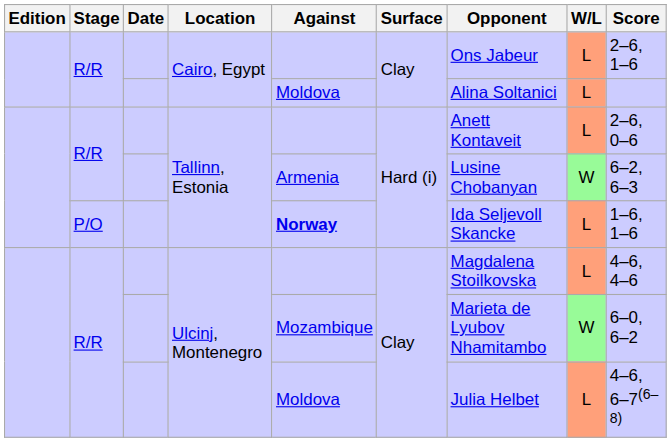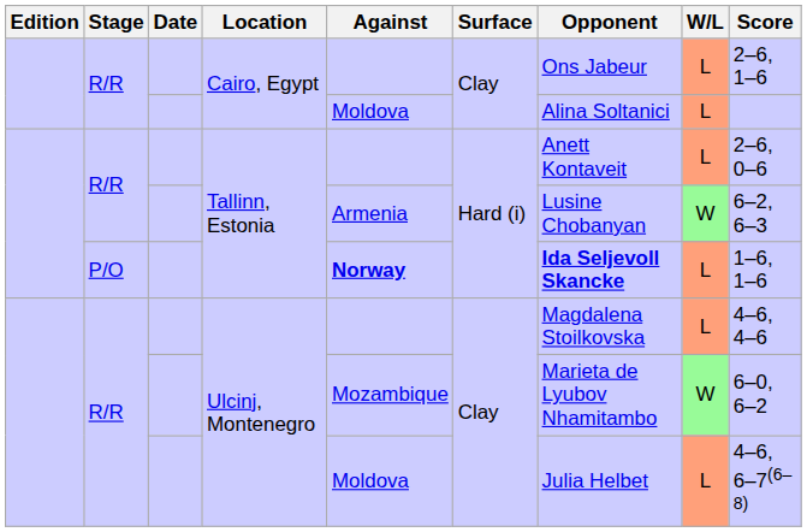 <table class=wikitable style=font-size:97%>
 <tr>
 <th>Edition</th>
 <th>Stage</th>
 <th>Date</th>
 <th>Location</th>
 <th>Against</th>
 <th>Surface</th>
 <th>Opponent</th>
 <th>W/L</th>
 <th>Score</th>
 </tr>
 <tr style="background:#ccf;">
 <td rowspan="2"></td>
 <td rowspan="2"><a href='#'>R/R</a></td>
 <td></td>
 <td rowspan="2"><a href='#'>Cairo</a>, Egypt</td>
 <td> </td>
 <td rowspan="2">Clay</td>
 <td> <a href='#'>Ons Jabeur</a></td>
 <td style="text-align:center; background:#ffa07a;">L</td>
 <td>2–6, 1–6</td>
 </tr>
 <tr style="background:#ccf;">
 <td></td>
 <td> <a href='#'>Moldova</a></td>
 <td> <a href='#'>Alina Soltanici</a></td>
 <td style="text-align:center; background:#ffa07a;">L</td>
 <td></td>
 </tr>
 <tr style="background:#ccf;">
 <td rowspan="3"></td>
 <td rowspan="2"><a href='#'>R/R</a></td>
 <td></td>
 <td rowspan="3"><a href='#'>Tallinn</a>, Estonia</td>
 <td> </td>
 <td rowspan="3">Hard (i)</td>
 <td> <a href='#'>Anett Kontaveit</a></td>
 <td style="text-align:center; background:#ffa07a;">L</td>
 <td>2–6, 0–6</td>
 </tr>
 <tr style="background:#ccf;">
 <td></td>
 <td> <a href='#'>Armenia</a></td>
 <td> <a href='#'>Lusine Chobanyan</a></td>
 <td style="text-align:center; background:#98fb98;">W</td>
 <td>6–2, 6–3</td>
 </tr>
 <tr style="background:#ccf;">
 <td rowspan="1"><a href='#'>P/O</a></td>
 <td></td>
 <td><strong> <a href='#'>Norway</a></strong></td>
-<td> <a href='#'>Ida Seljevoll Skancke</a></td>
+<td><strong> <a href='#'>Ida Seljevoll Skancke</a></strong></td>
 <td style="text-align:center; background:#ffa07a;">L</td>
 <td>1–6, 1–6</td>
 </tr>
 <tr style="background:#ccf;">
 <td rowspan="3"></td>
 <td rowspan="3"><a href='#'>R/R</a></td>
 <td></td>
 <td rowspan="3"><a href='#'>Ulcinj</a>, Montenegro</td>
 <td> </td>
 <td rowspan="3">Clay</td>
 <td> <a href='#'>Magdalena Stoilkovska</a></td>
 <td style="text-align:center; background:#ffa07a;">L</td>
 <td>4–6, 4–6</td>
 </tr>
 <tr style="background:#ccf;">
 <td></td>
 <td> <a href='#'>Mozambique</a></td>
 <td> <a href='#'>Marieta de Lyubov Nhamitambo</a></td>
 <td style="text-align:center; background:#98fb98;">W</td>
 <td>6–0, 6–2</td>
 </tr>
 <tr style="background:#ccf;">
 <td></td>
 <td> <a href='#'>Moldova</a></td>
 <td> <a href='#'>Julia Helbet</a></td>
 <td style="text-align:center; background:#ffa07a;">L</td>
 <td>4–6, 6–7<sup>(6–8)</sup></td>
 </tr>
 </table>
